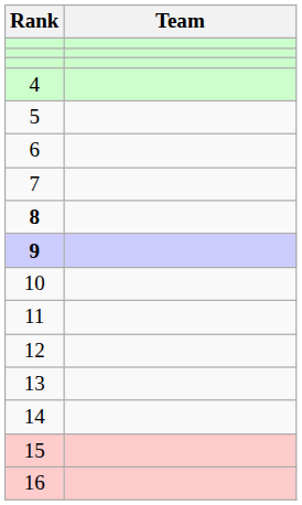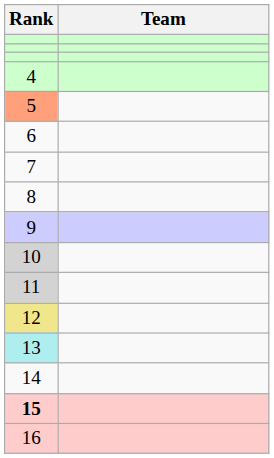 <table class=wikitable style="text-align:center;">
 <tr>
 <th>Rank</th>
 <th width=170>Team</th>
 </tr>
 <tr bgcolor=#ccffcc>
 <td></td>
 <td align=left></td>
 </tr>
 <tr bgcolor=#ccffcc>
 <td></td>
 <td align=left></td>
 </tr>
 <tr bgcolor=#ccffcc>
 <td></td>
 <td align=left></td>
 </tr>
 <tr bgcolor=#ccffcc>
 <td>4</td>
 <td align=left></td>
 </tr>
 <tr>
-<td>5</td>
+<td style="background: lightsalmon;">5</td>
 <td align=left></td>
 </tr>
 <tr>
 <td>6</td>
 <td align=left></td>
 </tr>
 <tr>
 <td>7</td>
 <td align=left></td>
 </tr>
 <tr>
-<td><strong>8</strong></td>
+<td>8</td>
 <td align=left></td>
 </tr>
 <tr bgcolor=#ccccff>
-<td><strong>9</strong></td>
+<td>9</td>
 <td align=left></td>
 </tr>
 <tr>
-<td>10</td>
+<td style="background: lightgrey;">10</td>
 <td align=left></td>
 </tr>
 <tr>
-<td>11</td>
+<td style="background: lightgrey;">11</td>
 <td align=left></td>
 </tr>
 <tr>
-<td>12</td>
+<td style="background: khaki;">12</td>
 <td align=left></td>
 </tr>
 <tr>
-<td>13</td>
+<td style="background: paleturquoise;">13</td>
 <td align=left></td>
 </tr>
 <tr>
 <td>14</td>
 <td align=left></td>
 </tr>
 <tr bgcolor=#ffcccc>
-<td>15</td>
+<td><strong>15</strong></td>
 <td align=left></td>
 </tr>
 <tr bgcolor=#ffcccc>
 <td>16</td>
 <td align=left></td>
 </tr>
 </table>
